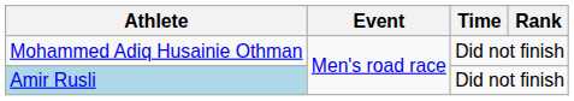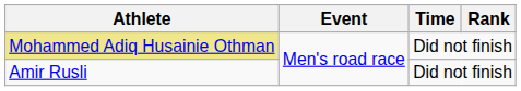 <table class="wikitable" style="font-size:90%">
 <tr>
 <th>Athlete</th>
 <th>Event</th>
 <th>Time</th>
 <th>Rank</th>
 </tr>
 <tr align=center>
-<td align=left><a href='#'>Mohammed Adiq Husainie Othman</a></td>
+<td align=left style="background: khaki;"><a href='#'>Mohammed Adiq Husainie Othman</a></td>
 <td align=left rowspan=2><a href='#'>Men's road race</a></td>
 <td colspan=2>Did not finish</td>
 </tr>
 <tr align=center>
-<td align=left style="background: lightblue;"><a href='#'>Amir Rusli</a></td>
+<td align=left><a href='#'>Amir Rusli</a></td>
 <td colspan=2>Did not finish</td>
 </tr>
 </table>
